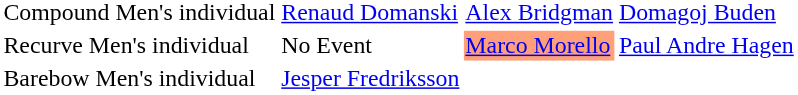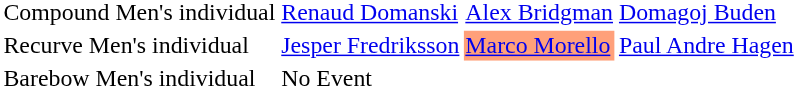 <table>
 <tr>
 <td>Compound Men's individual<br></td>
 <td> <a href='#'>Renaud Domanski</a></td>
 <td> <a href='#'>Alex Bridgman</a></td>
 <td> <a href='#'>Domagoj Buden</a></td>
 </tr>
 <tr>
 <td>Recurve Men's individual<br></td>
-<td>No Event</td>
+<td> <a href='#'>Jesper Fredriksson</a></td>
 <td style="background: lightsalmon;"> <a href='#'>Marco Morello</a></td>
 <td> <a href='#'>Paul Andre Hagen</a></td>
 </tr>
 <tr>
 <td>Barebow Men's individual<br></td>
-<td> <a href='#'>Jesper Fredriksson</a></td>
+<td>No Event</td>
 <td></td>
 <td></td>
 </tr>
 </table>
